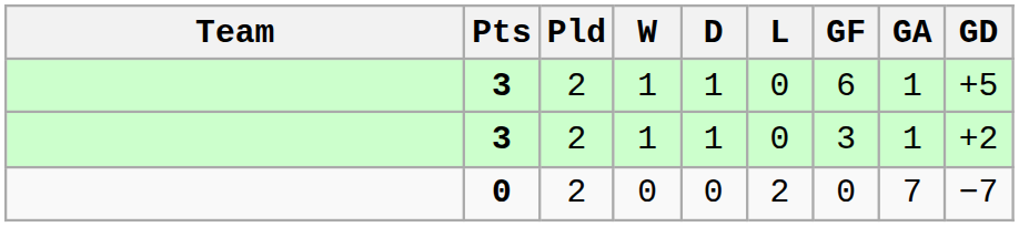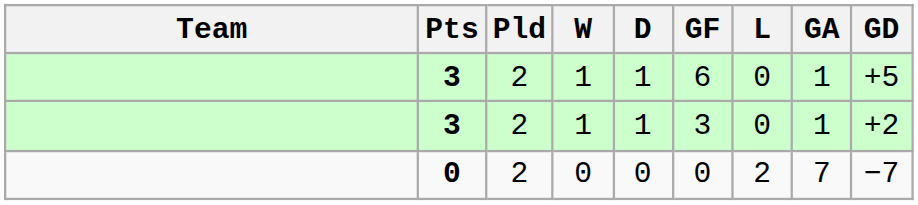 <table class="wikitable" style="text-align:center;">
 <tr>
 <th width=175>Team</th>
 <th style="width:20px;" abbr="Points">Pts</th>
 <th style="width:20px;" abbr="Played">Pld</th>
 <th style="width:20px;" abbr="Won">W</th>
 <th style="width:20px;" abbr="Drawn">D</th>
+<th style="width:20px;" abbr="Goals for">GF</th>
 <th style="width:20px;" abbr="Lost">L</th>
-<th style="width:20px;" abbr="Goals for">GF</th>
 <th style="width:20px;" abbr="Goals against">GA</th>
 <th style="width:20px;" abbr="Goal difference">GD</th>
 </tr>
 <tr style="background:#cfc;">
 <td style="text-align:left;"></td>
 <td><strong>3</strong></td>
 <td>2</td>
 <td>1</td>
 <td>1</td>
+<td>6</td>
 <td>0</td>
-<td>6</td>
 <td>1</td>
 <td>+5</td>
 </tr>
 <tr style="background:#cfc;">
 <td style="text-align:left;"></td>
 <td><strong>3</strong></td>
 <td>2</td>
 <td>1</td>
 <td>1</td>
+<td>3</td>
 <td>0</td>
-<td>3</td>
 <td>1</td>
 <td>+2</td>
 </tr>
 <tr>
 <td style="text-align:left;"></td>
 <td><strong>0</strong></td>
 <td>2</td>
 <td>0</td>
 <td>0</td>
+<td>0</td>
 <td>2</td>
-<td>0</td>
 <td>7</td>
 <td>−7</td>
 </tr>
 </table>
